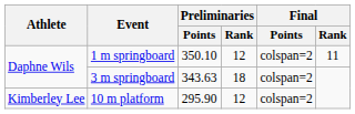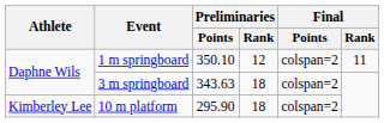 <table class="wikitable" style="text-align:center; font-size:90%">
 <tr>
 <th rowspan=2>Athlete</th>
 <th rowspan=2>Event</th>
 <th colspan=2>Preliminaries</th>
 <th colspan=2>Final</th>
 </tr>
 <tr style="font-size:95%">
 <th>Points</th>
 <th>Rank</th>
 <th>Points</th>
 <th>Rank</th>
 </tr>
 <tr>
 <td align=left rowspan=2><a href='#'>Daphne Wils</a></td>
 <td style="text-align:left;"><a href='#'>1 m springboard</a></td>
 <td>350.10</td>
 <td>12</td>
 <td>colspan=2 </td>
 <td>11</td>
 </tr>
 <tr>
 <td style="text-align:left;"><a href='#'>3 m springboard</a></td>
 <td>343.63</td>
 <td>18</td>
 <td>colspan=2 </td>
 </tr>
 <tr>
 <td align=left><a href='#'>Kimberley Lee</a></td>
 <td style="text-align:left;"><a href='#'>10 m platform</a></td>
 <td>295.90</td>
-<td>12</td>
+<td>18</td>
 <td>colspan=2 </td>
 </tr>
 </table>
